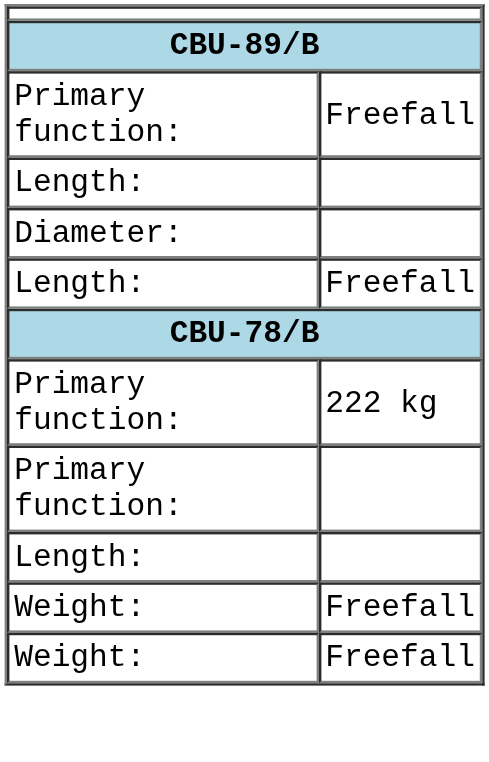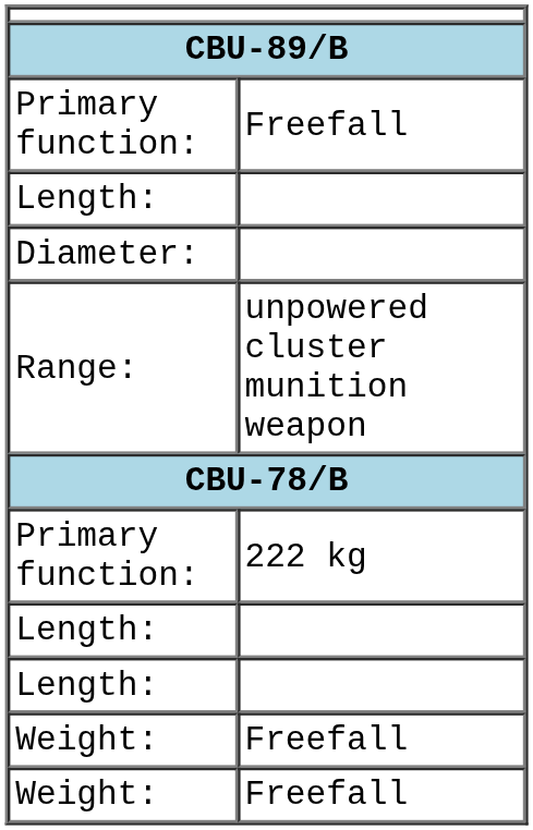 <table class = floatright border="1" width="200" cellpadding="2" cellspacing="0" align="right">
 <tr ---->
 <td align="center" colspan="2"></td>
 </tr>
 <tr ---->
 <th style="background:lightblue;" colspan="2">CBU-89/B</th>
 </tr>
 <tr ---->
 <td>Primary function:</td>
 <td>Freefall</td>
 </tr>
 <tr ---->
 <td>Length:</td>
 <td></td>
 </tr>
 <tr ---->
 <td>Diameter:</td>
 <td></td>
 </tr>
 <tr ---->
-<td>Length:</td>
-<td>Freefall</td>
+<td>Range:</td>
+<td> unpowered cluster munition weapon</td>
 </tr>
 <tr ---->
 <th style="background:lightblue;" colspan="2">CBU-78/B</th>
 </tr>
 <tr ---->
 <td>Primary function:</td>
 <td>222 kg</td>
 </tr>
 <tr ---->
-<td>Primary function:</td>
+<td>Length:</td>
 <td></td>
 </tr>
 <tr ---->
 <td>Length:</td>
 <td></td>
 </tr>
 <tr ---->
 <td>Weight:</td>
 <td>Freefall</td>
 </tr>
 <tr ---->
 <td>Weight:</td>
 <td>Freefall</td>
 </tr>
 </table>
